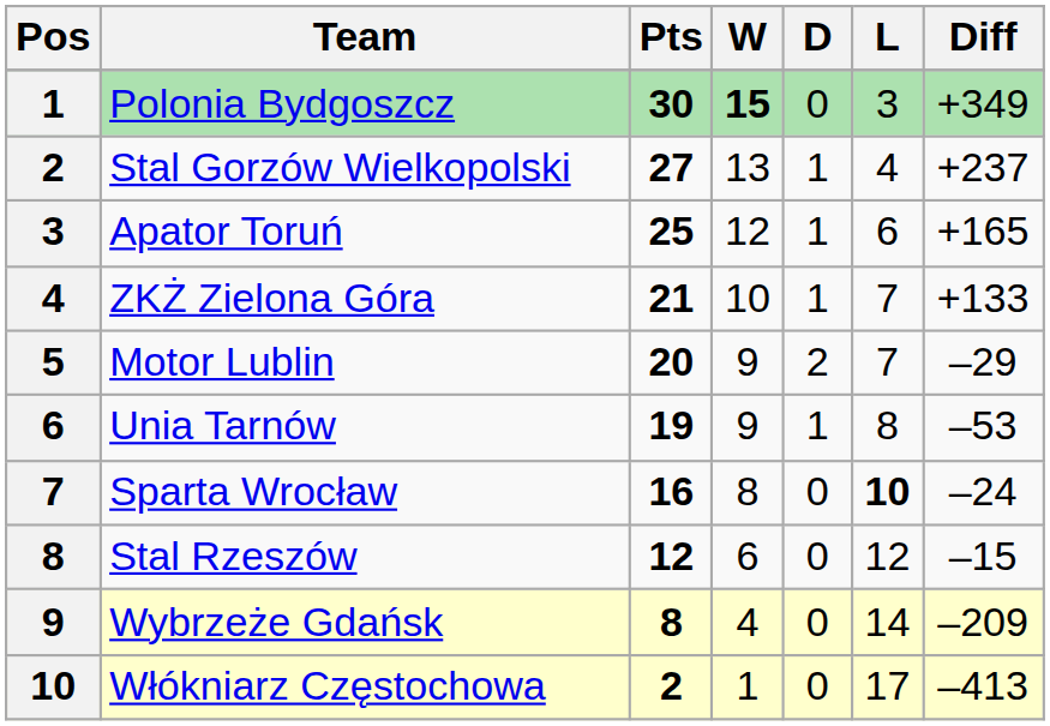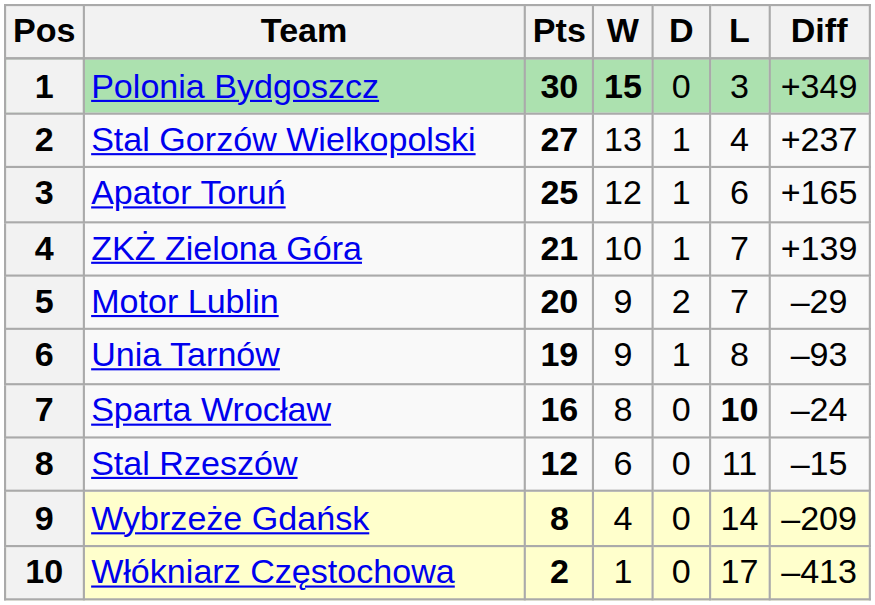 <table class="wikitable" style="font-size: 100%">
 <tr>
 <th width=20>Pos</th>
 <th width=200>Team</th>
 <th width=20>Pts</th>
 <th width=20>W</th>
 <th width=20>D</th>
 <th width=20>L</th>
 <th width=40>Diff</th>
 </tr>
 <tr align=center style="background:#ACE1AF;">
 </tr>
 <tr align=center style="background:#ACE1AF;">
 <th>1</th>
 <td align=left><a href='#'>Polonia Bydgoszcz</a></td>
 <td><strong>30</strong></td>
 <td><strong>15</strong></td>
 <td>0</td>
 <td>3</td>
 <td>+349</td>
 </tr>
 <tr align=center>
 <th>2</th>
 <td align=left><a href='#'>Stal Gorzów Wielkopolski</a></td>
 <td><strong>27</strong></td>
 <td>13</td>
 <td>1</td>
 <td>4</td>
 <td>+237</td>
 </tr>
 <tr align=center>
 <th>3</th>
 <td align=left><a href='#'>Apator Toruń</a></td>
 <td><strong>25</strong></td>
 <td>12</td>
 <td>1</td>
 <td>6</td>
 <td>+165</td>
 </tr>
 <tr align=center>
 <th>4</th>
 <td align=left><a href='#'>ZKŻ Zielona Góra</a></td>
 <td><strong>21</strong></td>
 <td>10</td>
 <td>1</td>
 <td>7</td>
-<td>+133</td>
+<td>+139</td>
 </tr>
 <tr align=center>
 <th>5</th>
 <td align=left><a href='#'>Motor Lublin</a></td>
 <td><strong>20</strong></td>
 <td>9</td>
 <td>2</td>
 <td>7</td>
 <td>–29</td>
 </tr>
 <tr align=center>
 <th>6</th>
 <td align=left><a href='#'>Unia Tarnów</a></td>
 <td><strong>19</strong></td>
 <td>9</td>
 <td>1</td>
 <td>8</td>
-<td>–53</td>
+<td>–93</td>
 </tr>
 <tr align=center>
 <th>7</th>
 <td align=left><a href='#'>Sparta Wrocław</a></td>
 <td><strong>16</strong></td>
 <td>8</td>
 <td>0</td>
 <td><strong>10</strong></td>
 <td>–24</td>
 </tr>
 <tr align=center>
 <th>8</th>
 <td align=left><a href='#'>Stal Rzeszów</a></td>
 <td><strong>12</strong></td>
 <td>6</td>
 <td>0</td>
-<td>12</td>
+<td>11</td>
 <td>–15</td>
 </tr>
 <tr align=center style="background: #ffffcc;">
 <th>9</th>
 <td align=left><a href='#'>Wybrzeże Gdańsk</a></td>
 <td><strong>8</strong></td>
 <td>4</td>
 <td>0</td>
 <td>14</td>
 <td>–209</td>
 </tr>
 <tr align=center style="background: #ffffcc;">
 <th>10</th>
 <td align=left><a href='#'>Włókniarz Częstochowa</a></td>
 <td><strong>2</strong></td>
 <td>1</td>
 <td>0</td>
 <td>17</td>
 <td>–413</td>
 </tr>
 </table>
